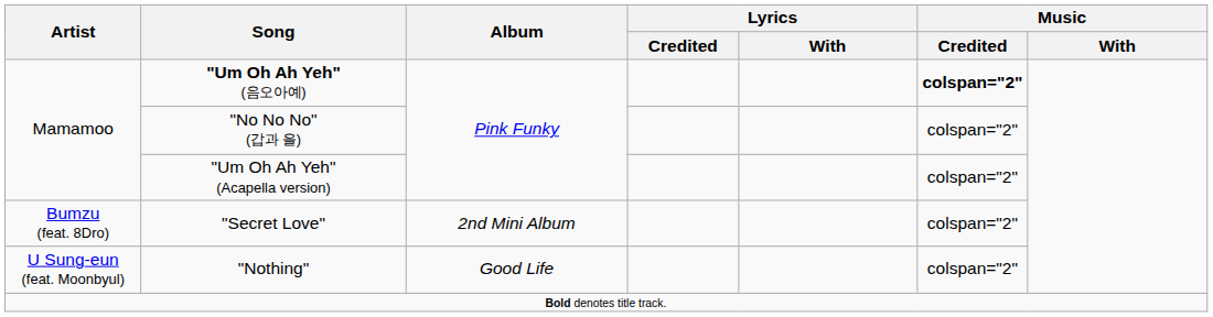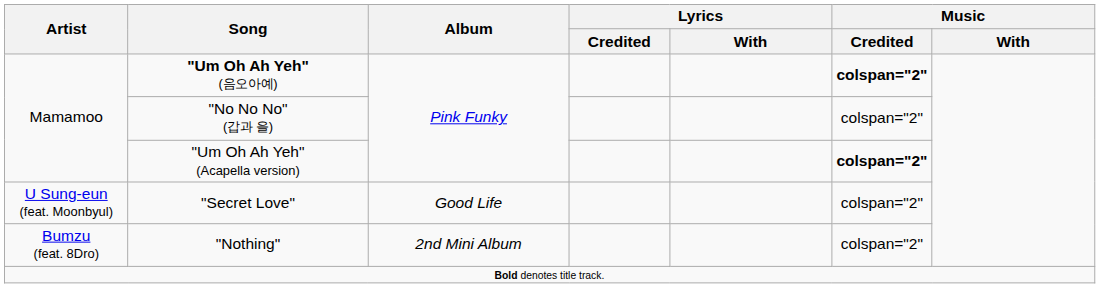 <table class="wikitable" style="text-align:center;">
 <tr>
 <th rowspan="2" style="width:7.5em;">Artist</th>
 <th rowspan="2" style="width:15em;">Song</th>
 <th rowspan="2" style="width:12.5em;">Album</th>
 <th colspan="2" style="width:16em;">Lyrics</th>
 <th colspan="2" style="width:16em;">Music</th>
 </tr>
 <tr>
 <th style="width:6em;">Credited</th>
 <th style="width:10em;">With</th>
 <th style="width:6em;">Credited</th>
 <th style="width:10em;">With</th>
 </tr>
 <tr>
 <td rowspan="3">Mamamoo</td>
 <td><strong>"Um Oh Ah Yeh"</strong> <br><small>(음오아예)</small></td>
 <td rowspan="3"><em><a href='#'>Pink Funky</a></em></td>
 <td></td>
 <td></td>
 <td><strong>colspan="2" </strong></td>
 </tr>
 <tr>
 <td>"No No No" <br><small>(갑과 을)</small></td>
 <td></td>
 <td></td>
 <td>colspan="2" </td>
 </tr>
 <tr>
 <td>"Um Oh Ah Yeh" <br><small>(Acapella version)</small></td>
 <td></td>
 <td></td>
-<td>colspan="2" </td>
+<td><strong>colspan="2" </strong></td>
 </tr>
 <tr>
-<td><a href='#'>Bumzu</a> <br><small>(feat. 8Dro)</small></td>
+<td><a href='#'>U Sung-eun</a> <br><small>(feat. Moonbyul)</small></td>
 <td>"Secret Love"</td>
-<td><em>2nd Mini Album</em></td>
+<td><em>Good Life</em></td>
 <td></td>
 <td></td>
 <td>colspan="2" </td>
 </tr>
 <tr>
-<td><a href='#'>U Sung-eun</a> <br><small>(feat. Moonbyul)</small></td>
+<td><a href='#'>Bumzu</a> <br><small>(feat. 8Dro)</small></td>
 <td>"Nothing"</td>
-<td><em>Good Life</em></td>
+<td><em>2nd Mini Album</em></td>
 <td></td>
 <td></td>
 <td>colspan="2" </td>
 </tr>
 <tr>
 <td colspan="7" style="text-align:center; font-size:8pt;"><strong>Bold</strong> denotes title track.</td>
 </tr>
 </table>
